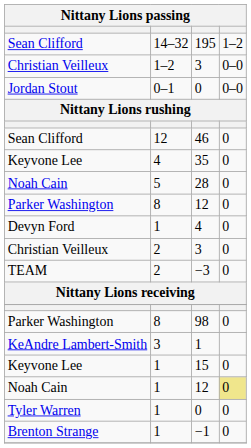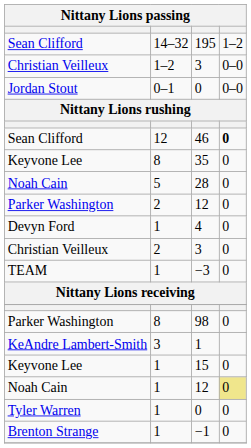 <table class="wikitable plainrowheaders">
 <tr>
 <th colspan="6">Nittany Lions passing</th>
 </tr>
 <tr>
 <th scope="col"></th>
 <th scope="col"></th>
 <th scope="col"></th>
 <th scope="col"></th>
 </tr>
 <tr>
 <td><a href='#'>Sean Clifford</a></td>
 <td>14–32</td>
 <td>195</td>
 <td>1–2</td>
 </tr>
 <tr>
 <td><a href='#'>Christian Veilleux</a></td>
 <td>1–2</td>
 <td>3</td>
 <td>0–0</td>
 </tr>
 <tr>
 <td><a href='#'>Jordan Stout</a></td>
 <td>0–1</td>
 <td>0</td>
 <td>0–0</td>
 </tr>
 <tr>
 <th colspan="6">Nittany Lions rushing</th>
 </tr>
 <tr>
 <th scope="col"></th>
 <th scope="col"></th>
 <th scope="col"></th>
 <th scope="col"></th>
 </tr>
 <tr>
 <td>Sean Clifford</td>
 <td>12</td>
 <td>46</td>
-<td>0</td>
+<td><strong>0</strong></td>
 </tr>
 <tr>
 <td>Keyvone Lee</td>
-<td>4</td>
+<td>8</td>
 <td>35</td>
 <td>0</td>
 </tr>
 <tr>
 <td><a href='#'>Noah Cain</a></td>
 <td>5</td>
 <td>28</td>
 <td>0</td>
 </tr>
 <tr>
 <td><a href='#'>Parker Washington</a></td>
-<td>8</td>
+<td>2</td>
 <td>12</td>
 <td>0</td>
 </tr>
 <tr>
 <td>Devyn Ford</td>
 <td>1</td>
 <td>4</td>
 <td>0</td>
 </tr>
 <tr>
 <td>Christian Veilleux</td>
 <td>2</td>
 <td>3</td>
 <td>0</td>
 </tr>
 <tr>
 <td>TEAM</td>
-<td>2</td>
+<td>1</td>
 <td>−3</td>
 <td>0</td>
 </tr>
 <tr>
 <th colspan="6">Nittany Lions receiving</th>
 </tr>
 <tr>
 </tr>
 <tr>
 <th scope="col"></th>
 <th scope="col"></th>
 <th scope="col"></th>
 <th scope="col"></th>
 </tr>
 <tr>
 <td>Parker Washington</td>
 <td>8</td>
 <td>98</td>
 <td>0</td>
 </tr>
 <tr>
 <td><a href='#'>KeAndre Lambert-Smith</a></td>
 <td>3</td>
 <td 74>1</td>
 </tr>
 <tr>
 <td>Keyvone Lee</td>
 <td>1</td>
 <td>15</td>
 <td>0</td>
 </tr>
 <tr>
 <td>Noah Cain</td>
 <td>1</td>
 <td>12</td>
 <td style="background: khaki;">0</td>
 </tr>
 <tr>
 <td><a href='#'>Tyler Warren</a></td>
 <td>1</td>
 <td>0</td>
 <td>0</td>
 </tr>
 <tr>
 <td><a href='#'>Brenton Strange</a></td>
 <td>1</td>
 <td>−1</td>
 <td>0</td>
 </tr>
 <tr>
 </tr>
 </table>
